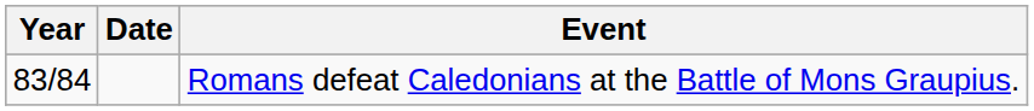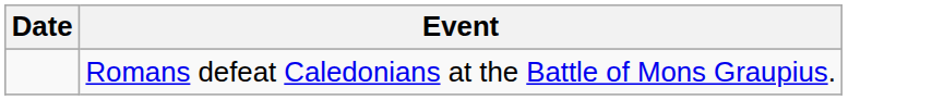 <table class="wikitable">
 <tr>
-<th style="width:6en;align:right">Year</th>
 <th style="width:15en">Date</th>
 <th>Event</th>
 </tr>
 <tr>
-<td>83/84</td>
 <td></td>
 <td><a href='#'>Romans</a> defeat <a href='#'>Caledonians</a> at the <a href='#'>Battle of Mons Graupius</a>.</td>
 </tr>
 </table>
